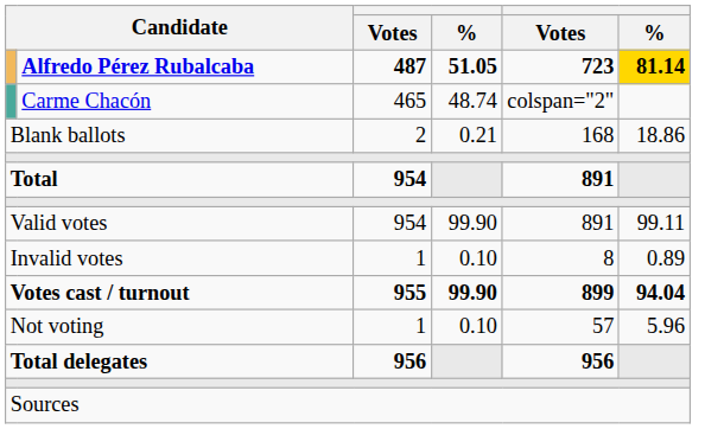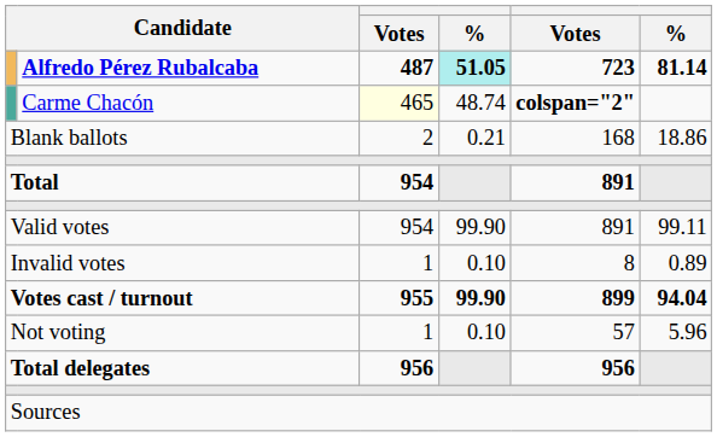 <table class="wikitable" style="text-align:right;">
 <tr>
 <th rowspan="2" colspan="2" width="250">Candidate</th>
 <th colspan="2"></th>
 <th colspan="2"></th>
 </tr>
 <tr>
 <th width="50">Votes</th>
 <th width="45">%</th>
 <th width="50">Votes</th>
 <th width="45">%</th>
 </tr>
 <tr>
 <td width="1" style="color:inherit;background:#F2B95B"></td>
 <td align="left"><strong><a href='#'>Alfredo Pérez Rubalcaba</a></strong></td>
 <td><strong>487</strong></td>
-<td><strong>51.05</strong></td>
+<td style="background: paleturquoise;"><strong>51.05</strong></td>
 <td><strong>723</strong></td>
-<td style="background: gold;"><strong>81.14</strong></td>
+<td><strong>81.14</strong></td>
 </tr>
 <tr>
 <td style="color:inherit;background:#49A99B"></td>
 <td align="left"><a href='#'>Carme Chacón</a></td>
-<td>465</td>
+<td style="background: lightyellow;">465</td>
 <td>48.74</td>
-<td>colspan="2" </td>
+<td><strong>colspan="2" </strong></td>
 </tr>
 <tr>
 <td align="left" colspan="2">Blank ballots</td>
 <td>2</td>
 <td>0.21</td>
 <td>168</td>
 <td>18.86</td>
 </tr>
 <tr>
 <td colspan="6" bgcolor="#E9E9E9"></td>
 </tr>
 <tr style="font-weight:bold;">
 <td align="left" colspan="2">Total</td>
 <td>954</td>
 <td bgcolor="#E9E9E9"></td>
 <td>891</td>
 <td bgcolor="#E9E9E9"></td>
 </tr>
 <tr>
 <td colspan="6" bgcolor="#E9E9E9"></td>
 </tr>
 <tr>
 <td align="left" colspan="2">Valid votes</td>
 <td>954</td>
 <td>99.90</td>
 <td>891</td>
 <td>99.11</td>
 </tr>
 <tr>
 <td align="left" colspan="2">Invalid votes</td>
 <td>1</td>
 <td>0.10</td>
 <td>8</td>
 <td>0.89</td>
 </tr>
 <tr style="font-weight:bold;">
 <td align="left" colspan="2">Votes cast / turnout</td>
 <td>955</td>
 <td>99.90</td>
 <td>899</td>
 <td>94.04</td>
 </tr>
 <tr>
 <td align="left" colspan="2">Not voting</td>
 <td>1</td>
 <td>0.10</td>
 <td>57</td>
 <td>5.96</td>
 </tr>
 <tr style="font-weight:bold;">
 <td align="left" colspan="2">Total delegates</td>
 <td>956</td>
 <td bgcolor="#E9E9E9"></td>
 <td>956</td>
 <td bgcolor="#E9E9E9"></td>
 </tr>
 <tr>
 <td colspan="6" bgcolor="#E9E9E9"></td>
 </tr>
 <tr>
 <td align="left" colspan="6">Sources</td>
 </tr>
 </table>
